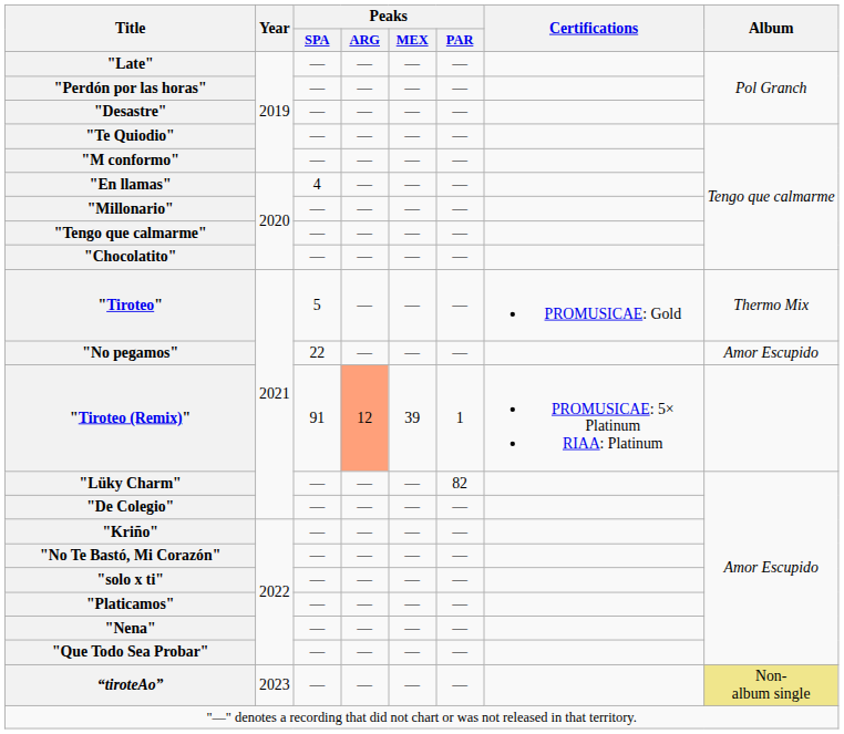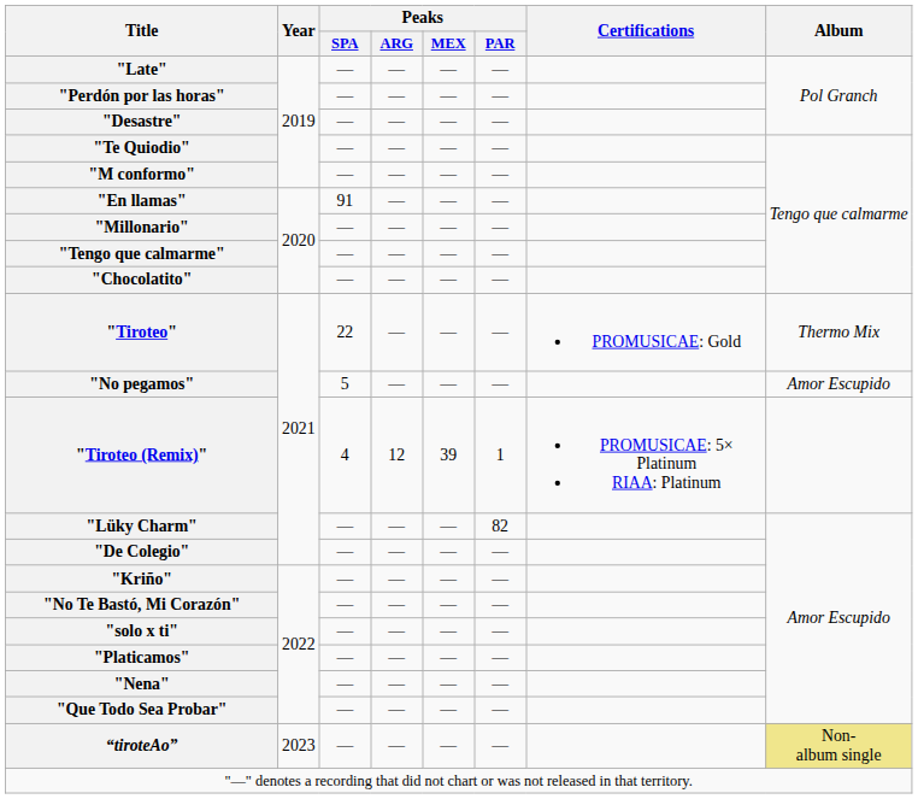 <table class="wikitable plainrowheaders" style="text-align:center;">
 <tr>
 <th scope="col" rowspan="2" style="width:16em;">Title</th>
 <th scope="col" rowspan="2">Year</th>
 <th scope="col" colspan="4">Peaks</th>
 <th scope="col" rowspan="2" style="width:14em;"><a href='#'>Certifications</a></th>
 <th scope="col" rowspan="2">Album</th>
 </tr>
 <tr>
 <th scope="col" style="width:3em;font-size:90%;"><a href='#'>SPA</a><br></th>
 <th scope="col" style="width:3em;font-size:90%;"><a href='#'>ARG</a><br></th>
 <th scope="col" style="width:3em;font-size:90%;"><a href='#'>MEX</a><br></th>
 <th scope="col" style="width:3em;font-size:90%;"><a href='#'>PAR</a><br></th>
 </tr>
 <tr>
 <th scope="row">"Late"</th>
 <td rowspan="5">2019</td>
 <td>—</td>
 <td>—</td>
 <td>—</td>
 <td>—</td>
 <td></td>
 <td rowspan="3"><em>Pol Granch</em></td>
 </tr>
 <tr>
 <th scope="row">"Perdón por las horas"</th>
 <td>—</td>
 <td>—</td>
 <td>—</td>
 <td>—</td>
 <td></td>
 </tr>
 <tr>
 <th scope="row">"Desastre"</th>
 <td>—</td>
 <td>—</td>
 <td>—</td>
 <td>—</td>
 <td></td>
 </tr>
 <tr>
 <th scope="row">"Te Quiodio"</th>
 <td>—</td>
 <td>—</td>
 <td>—</td>
 <td>—</td>
 <td></td>
 <td rowspan="6"><em>Tengo que calmarme</em></td>
 </tr>
 <tr>
 <th scope="row">"M conformo"</th>
 <td>—</td>
 <td>—</td>
 <td>—</td>
 <td>—</td>
 <td></td>
 </tr>
 <tr>
 <th scope="row">"En llamas"<br></th>
 <td rowspan="4">2020</td>
-<td>4</td>
+<td>91</td>
 <td>—</td>
 <td>—</td>
 <td>—</td>
 <td></td>
 </tr>
 <tr>
 <th scope="row">"Millonario"</th>
 <td>—</td>
 <td>—</td>
 <td>—</td>
 <td>—</td>
 <td></td>
 </tr>
 <tr>
 <th scope="row">"Tengo que calmarme"</th>
 <td>—</td>
 <td>—</td>
 <td>—</td>
 <td>—</td>
 <td></td>
 </tr>
 <tr>
 <th scope="row">"Chocolatito"</th>
 <td>—</td>
 <td>—</td>
 <td>—</td>
 <td>—</td>
 <td></td>
 </tr>
 <tr>
 <th scope="row">"<a href='#'>Tiroteo</a>"<br></th>
 <td rowspan="5">2021</td>
-<td>5</td>
+<td>22</td>
 <td>—</td>
 <td>—</td>
 <td>—</td>
 <td><br><ul><li><a href='#'>PROMUSICAE</a>: Gold</li></ul></td>
 <td scope="row"><em>Thermo Mix</em></td>
 </tr>
 <tr>
 <th scope="row">"No pegamos"</th>
-<td>22</td>
+<td>5</td>
 <td>—</td>
 <td>—</td>
 <td>—</td>
 <td></td>
 <td><em>Amor Escupido</em></td>
 </tr>
 <tr>
 <th scope="row">"<a href='#'>Tiroteo (Remix)</a>"<br></th>
-<td>91</td>
-<td style="background: lightsalmon;">12</td>
+<td>4</td>
+<td>12</td>
 <td>39</td>
 <td>1</td>
 <td><br><ul><li><a href='#'>PROMUSICAE</a>: 5× Platinum</li><li><a href='#'>RIAA</a>: Platinum </li></ul></td>
 <td></td>
 </tr>
 <tr>
 <th scope="row">"Lüky Charm"</th>
 <td>—</td>
 <td>—</td>
 <td>—</td>
 <td>82</td>
 <td></td>
 <td rowspan="8"><em>Amor Escupido</em></td>
 </tr>
 <tr>
 <th scope="row">"De Colegio"</th>
 <td>—</td>
 <td>—</td>
 <td>—</td>
 <td>—</td>
 <td></td>
 </tr>
 <tr>
 <th scope="row">"Kriño"</th>
 <td rowspan="6">2022</td>
 <td>—</td>
 <td>—</td>
 <td>—</td>
 <td>—</td>
 <td></td>
 </tr>
 <tr>
 <th scope="row">"No Te Bastó, Mi Corazón"</th>
 <td>—</td>
 <td>—</td>
 <td>—</td>
 <td>—</td>
 <td></td>
 </tr>
 <tr>
 <th scope="row">"solo x ti"</th>
 <td>—</td>
 <td>—</td>
 <td>—</td>
 <td>—</td>
 <td></td>
 </tr>
 <tr>
 <th scope="row">"Platicamos"<br></th>
 <td>—</td>
 <td>—</td>
 <td>—</td>
 <td>—</td>
 <td></td>
 </tr>
 <tr>
 <th scope="row">"Nena"</th>
 <td>—</td>
 <td>—</td>
 <td>—</td>
 <td>—</td>
 <td></td>
 </tr>
 <tr>
 <th scope="row">"Que Todo Sea Probar"</th>
 <td>—</td>
 <td>—</td>
 <td>—</td>
 <td>—</td>
 <td></td>
 </tr>
 <tr>
 <th><em>“tiroteAo”</em></th>
 <td>2023</td>
 <td>—</td>
 <td>—</td>
 <td>—</td>
 <td>—</td>
 <td></td>
 <td style="background: khaki;">Non-<br>album  single</td>
 </tr>
 <tr>
 <td colspan="14" style="font-size:90%">"—" denotes a recording that did not chart or was not released in that territory.</td>
 </tr>
 </table>
